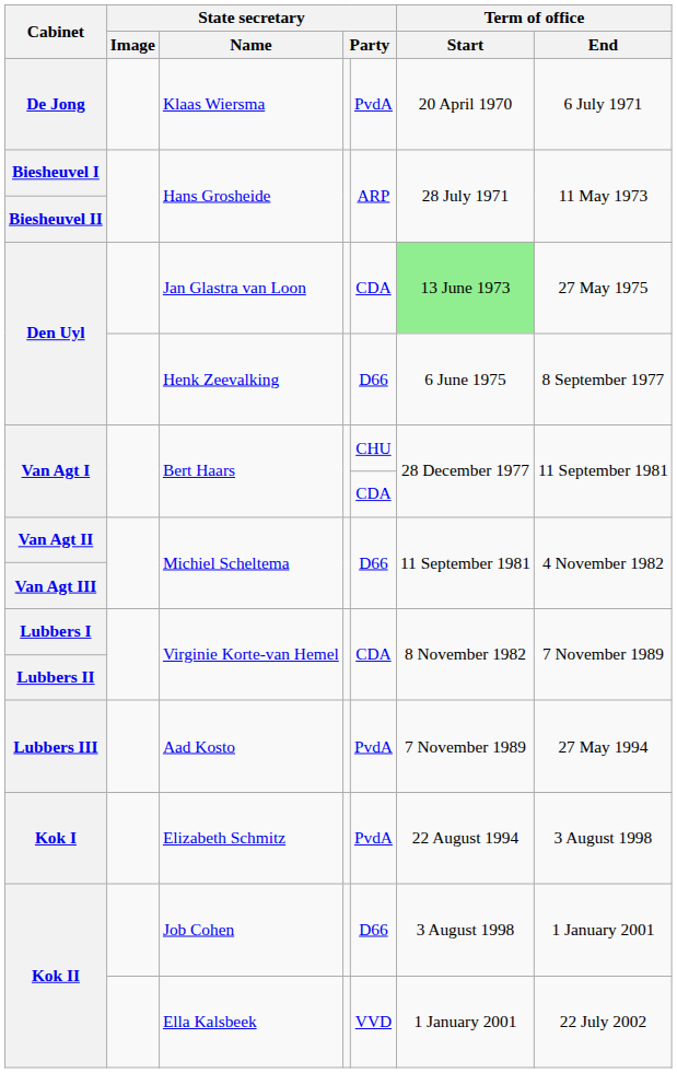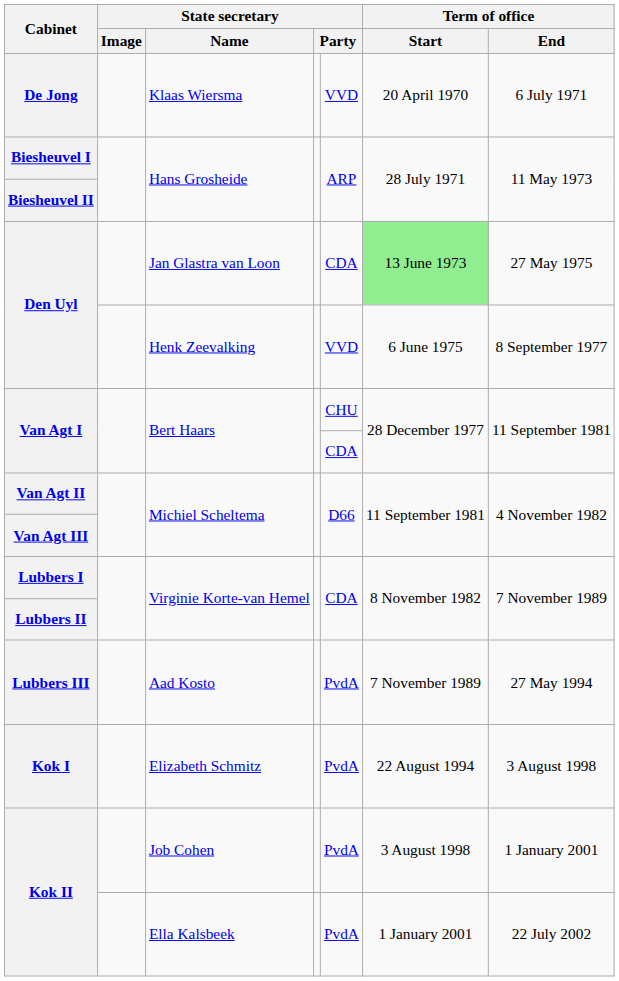 <table class="wikitable plainrowheaders">
 <tr>
 <th rowspan="2">Cabinet</th>
 <th colspan="4">State secretary</th>
 <th colspan="2">Term of office</th>
 </tr>
 <tr>
 <th>Image</th>
 <th>Name</th>
 <th colspan="2">Party</th>
 <th>Start</th>
 <th>End</th>
 </tr>
 <tr>
 <th scope="row"><a href='#'>De Jong</a></th>
 <td height="80px"></td>
 <td><a href='#'>Klaas Wiersma</a></td>
 <td style="background:"></td>
-<td style="text-align:center"><a href='#'>PvdA</a></td>
+<td style="text-align:center"><a href='#'>VVD</a></td>
 <td style="text-align:center">20 April 1970</td>
 <td style="text-align:center">6 July 1971</td>
 </tr>
 <tr>
 <th scope="row"><a href='#'>Biesheuvel I</a></th>
 <td rowspan="2" height="80px"></td>
 <td rowspan="2"><a href='#'>Hans Grosheide</a></td>
 <td rowspan="2" style="background:"></td>
 <td rowspan="2" style="text-align:center"><a href='#'>ARP</a></td>
 <td rowspan="2" style="text-align:center">28 July 1971</td>
 <td rowspan="2" style="text-align:center">11 May 1973</td>
 </tr>
 <tr>
 <th scope="row" scope="row"><a href='#'>Biesheuvel II</a></th>
 </tr>
 <tr>
 <th scope="row" rowspan="2"><a href='#'>Den Uyl</a></th>
 <td height="80px"></td>
 <td><a href='#'>Jan Glastra van Loon</a></td>
 <td style="background:"></td>
 <td style="text-align:center"><a href='#'>CDA</a></td>
 <td style="background: lightgreen; text-align:center">13 June 1973</td>
 <td style="text-align:center">27 May 1975</td>
 </tr>
 <tr>
 <td height="80px"></td>
 <td><a href='#'>Henk Zeevalking</a></td>
 <td style="background:"></td>
-<td style="text-align:center"><a href='#'>D66</a></td>
+<td style="text-align:center"><a href='#'>VVD</a></td>
 <td style="text-align:center">6 June 1975</td>
 <td style="text-align:center">8 September 1977</td>
 </tr>
 <tr>
 <th scope="row" rowspan="2"><a href='#'>Van Agt I</a></th>
 <td rowspan="2" height="80px"></td>
 <td rowspan="2"><a href='#'>Bert Haars</a></td>
 <td rowspan="2" style="background: repeating-linear-gradient(-45deg, "></td>
 <td style="text-align:center"><a href='#'>CHU</a></td>
 <td rowspan="2" style="text-align:center">28 December 1977</td>
 <td rowspan="2" style="text-align:center">11 September 1981</td>
 </tr>
 <tr>
 <td style="text-align:center"><a href='#'>CDA</a></td>
 </tr>
 <tr>
 <th scope="row"><a href='#'>Van Agt II</a></th>
 <td rowspan="2" height="80px"></td>
 <td rowspan="2"><a href='#'>Michiel Scheltema</a></td>
 <td rowspan="2" style="background:"></td>
 <td rowspan="2" style="text-align:center"><a href='#'>D66</a></td>
 <td rowspan="2" style="text-align:center">11 September 1981</td>
 <td rowspan="2" style="text-align:center">4 November 1982</td>
 </tr>
 <tr>
 <th scope="row"><a href='#'>Van Agt III</a></th>
 </tr>
 <tr>
 <th scope="row"><a href='#'>Lubbers I</a></th>
 <td rowspan="2" height="80px"></td>
 <td rowspan="2"><a href='#'>Virginie Korte-van Hemel</a></td>
 <td rowspan="2" style="background:"></td>
 <td rowspan="2" style="text-align:center"><a href='#'>CDA</a></td>
 <td rowspan="2" style="text-align:center">8 November 1982</td>
 <td rowspan="2" style="text-align:center">7 November 1989</td>
 </tr>
 <tr>
 <th scope="row"><a href='#'>Lubbers II</a></th>
 </tr>
 <tr>
 <th scope="row"><a href='#'>Lubbers III</a></th>
 <td height="80px"></td>
 <td><a href='#'>Aad Kosto</a></td>
 <td style="background:"></td>
 <td style="text-align:center"><a href='#'>PvdA</a></td>
 <td style="text-align:center">7 November 1989</td>
 <td style="text-align:center">27 May 1994</td>
 </tr>
 <tr>
 <th scope="row"><a href='#'>Kok I</a></th>
 <td height="80px"></td>
 <td><a href='#'>Elizabeth Schmitz</a></td>
 <td style="background:"></td>
 <td style="text-align:center"><a href='#'>PvdA</a></td>
 <td style="text-align:center">22 August 1994</td>
 <td style="text-align:center">3 August 1998</td>
 </tr>
 <tr>
 <th scope="row" rowspan="2"><a href='#'>Kok II</a></th>
 <td height="80px"></td>
 <td><a href='#'>Job Cohen</a></td>
 <td style="background:"></td>
-<td style="text-align:center"><a href='#'>D66</a></td>
+<td style="text-align:center"><a href='#'>PvdA</a></td>
 <td style="text-align:center">3 August 1998</td>
 <td style="text-align:center">1 January 2001</td>
 </tr>
 <tr>
 <td height="80px"></td>
 <td><a href='#'>Ella Kalsbeek</a></td>
 <td style="background:"></td>
-<td style="text-align:center"><a href='#'>VVD</a></td>
+<td style="text-align:center"><a href='#'>PvdA</a></td>
 <td style="text-align:center">1 January 2001</td>
 <td style="text-align:center">22 July 2002</td>
 </tr>
 </table>
